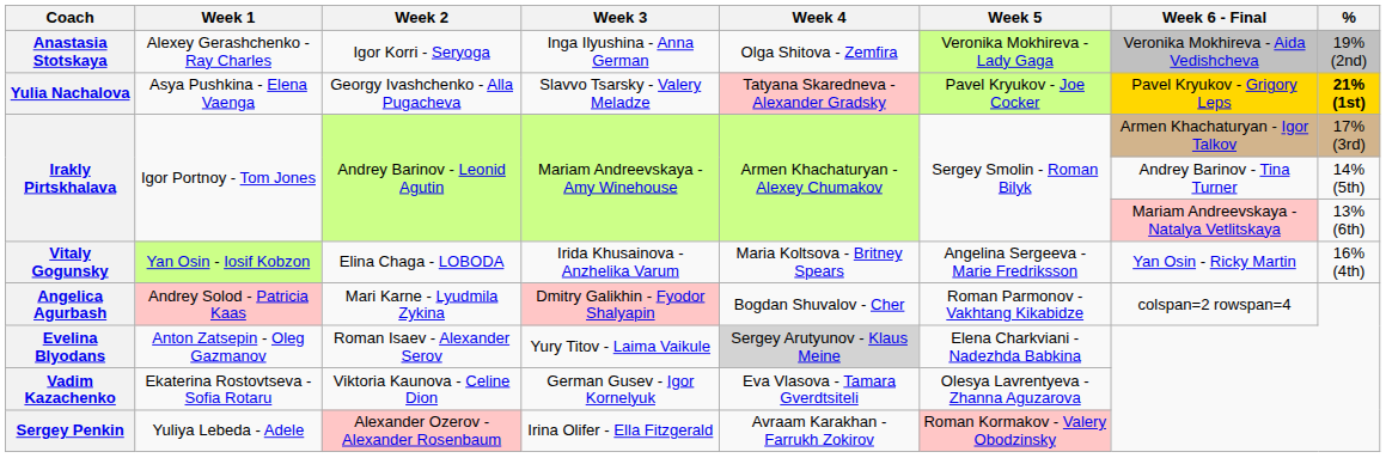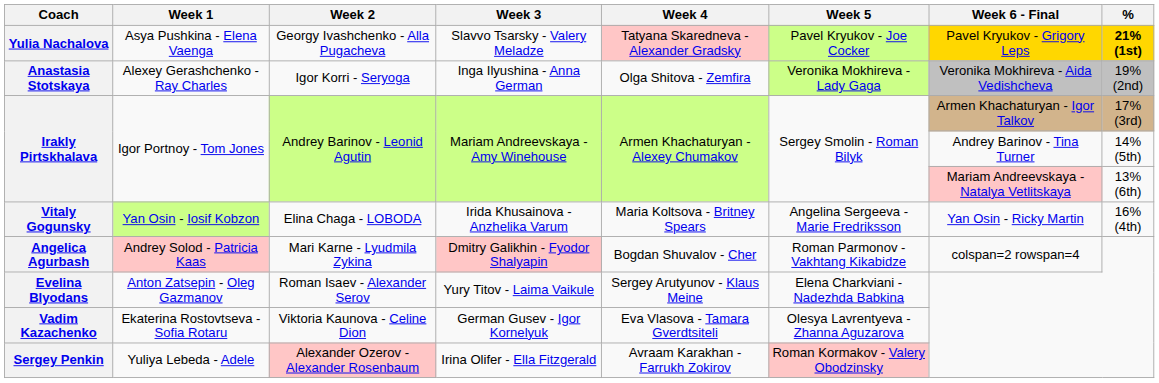 <table class="wikitable" style="text-align:center; font-size:90%; line-height:16px;" width="100%">
 <tr>
 <th>Coach</th>
 <th>Week 1</th>
 <th>Week 2</th>
 <th>Week 3</th>
 <th>Week 4</th>
 <th>Week 5</th>
 <th>Week 6 - Final</th>
 <th>%</th>
 </tr>
 <tr>
+<th><a href='#'>Yulia Nachalova</a></th>
+<td>Asya Pushkina - <a href='#'>Elena Vaenga</a></td>
+<td>Georgy Ivashchenko - <a href='#'>Alla Pugacheva</a></td>
+<td>Slavvo Tsarsky - <a href='#'>Valery Meladze</a></td>
+<td style="background:#ffc6c6;">Tatyana Skaredneva - <a href='#'>Alexander Gradsky</a></td>
+<td style="background:#ccff88;">Pavel Kryukov - <a href='#'>Joe Cocker</a></td>
+<td style="background:gold;">Pavel Kryukov - <a href='#'>Grigory Leps</a></td>
+<td style="background:gold;"><strong>21% (1st)</strong></td>
+</tr>
+<tr>
 <th><a href='#'>Anastasia Stotskaya</a></th>
 <td>Alexey Gerashchenko - <a href='#'>Ray Charles</a></td>
 <td>Igor Korri - <a href='#'>Seryoga</a></td>
 <td>Inga Ilyushina - <a href='#'>Anna German</a></td>
 <td>Olga Shitova - <a href='#'>Zemfira</a></td>
 <td style="background:#ccff88;">Veronika Mokhireva - <a href='#'>Lady Gaga</a></td>
 <td style="background:silver;">Veronika Mokhireva - <a href='#'>Aida Vedishcheva</a></td>
 <td style="background:silver;">19% (2nd)</td>
-</tr>
-<tr>
-<th><a href='#'>Yulia Nachalova</a></th>
-<td>Asya Pushkina - <a href='#'>Elena Vaenga</a></td>
-<td>Georgy Ivashchenko - <a href='#'>Alla Pugacheva</a></td>
-<td>Slavvo Tsarsky - <a href='#'>Valery Meladze</a></td>
-<td style="background:#ffc6c6;">Tatyana Skaredneva - <a href='#'>Alexander Gradsky</a></td>
-<td style="background:#ccff88;">Pavel Kryukov - <a href='#'>Joe Cocker</a></td>
-<td style="background:gold;">Pavel Kryukov - <a href='#'>Grigory Leps</a></td>
-<td style="background:gold;"><strong>21% (1st)</strong></td>
 </tr>
 <tr>
 <th rowspan=3><a href='#'>Irakly Pirtskhalava</a></th>
 <td rowspan=3>Igor Portnoy - <a href='#'>Tom Jones</a></td>
 <td rowspan=3 style="background:#ccff88;">Andrey Barinov - <a href='#'>Leonid Agutin</a></td>
 <td rowspan=3 style="background:#ccff88;">Mariam Andreevskaya - <a href='#'>Amy Winehouse</a></td>
 <td rowspan=3 style="background:#ccff88;">Armen Khachaturyan - <a href='#'>Alexey Chumakov</a></td>
 <td rowspan=3>Sergey Smolin - <a href='#'>Roman Bilyk</a></td>
 <td style="background:tan;">Armen Khachaturyan - <a href='#'>Igor Talkov</a></td>
 <td style="background:tan;">17% (3rd)</td>
 </tr>
 <tr>
 <td>Andrey Barinov - <a href='#'>Tina Turner</a></td>
 <td>14% (5th)</td>
 </tr>
 <tr>
 <td style="background:#ffc6c6;">Mariam Andreevskaya - <a href='#'>Natalya Vetlitskaya</a></td>
 <td>13% (6th)</td>
 </tr>
 <tr>
 <th><a href='#'>Vitaly Gogunsky</a></th>
 <td style="background:#ccff88;"><a href='#'>Yan Osin</a> - <a href='#'>Iosif Kobzon</a></td>
 <td>Elina Chaga - <a href='#'>LOBODA</a></td>
 <td>Irida Khusainova - <a href='#'>Anzhelika Varum</a></td>
 <td>Maria Koltsova - <a href='#'>Britney Spears</a></td>
 <td>Angelina Sergeeva - <a href='#'>Marie Fredriksson</a></td>
 <td><a href='#'>Yan Osin</a> - <a href='#'>Ricky Martin</a></td>
 <td>16% (4th)</td>
 </tr>
 <tr>
 <th><a href='#'>Angelica Agurbash</a></th>
 <td style="background:#ffc6c6;">Andrey Solod - <a href='#'>Patricia Kaas</a></td>
 <td>Mari Karne - <a href='#'>Lyudmila Zykina</a></td>
 <td style="background:#ffc6c6;">Dmitry Galikhin - <a href='#'>Fyodor Shalyapin</a></td>
 <td>Bogdan Shuvalov - <a href='#'>Cher</a></td>
 <td>Roman Parmonov - <a href='#'>Vakhtang Kikabidze</a></td>
 <td>colspan=2 rowspan=4 </td>
 </tr>
 <tr>
 <th><a href='#'>Evelina Blyodans</a></th>
 <td><a href='#'>Anton Zatsepin</a> - <a href='#'>Oleg Gazmanov</a></td>
 <td>Roman Isaev - <a href='#'>Alexander Serov</a></td>
 <td>Yury Titov - <a href='#'>Laima Vaikule</a></td>
-<td style="background: lightgrey;">Sergey Arutyunov - <a href='#'>Klaus Meine</a></td>
+<td>Sergey Arutyunov - <a href='#'>Klaus Meine</a></td>
 <td>Elena Charkviani - <a href='#'>Nadezhda Babkina</a></td>
 </tr>
 <tr>
 <th><a href='#'>Vadim Kazachenko</a></th>
 <td>Ekaterina Rostovtseva - <a href='#'>Sofia Rotaru</a></td>
 <td>Viktoria Kaunova - <a href='#'>Celine Dion</a></td>
 <td>German Gusev - <a href='#'>Igor Kornelyuk</a></td>
 <td>Eva Vlasova - <a href='#'>Tamara Gverdtsiteli</a></td>
 <td>Olesya Lavrentyeva - <a href='#'>Zhanna Aguzarova</a></td>
 </tr>
 <tr>
 <th><a href='#'>Sergey Penkin</a></th>
 <td>Yuliya Lebeda - <a href='#'>Adele</a></td>
 <td style="background:#ffc6c6;">Alexander Ozerov - <a href='#'>Alexander Rosenbaum</a></td>
 <td>Irina Olifer - <a href='#'>Ella Fitzgerald</a></td>
 <td>Avraam Karakhan - <a href='#'>Farrukh Zokirov</a></td>
 <td style="background:#ffc6c6;">Roman Kormakov - <a href='#'>Valery Obodzinsky</a></td>
 </tr>
 </table>
